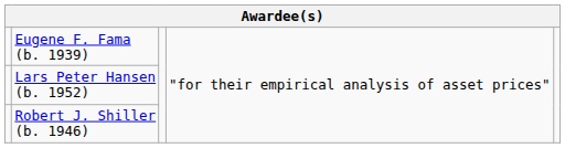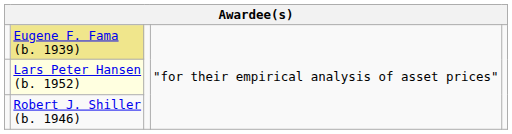 <table class="wikitable">
 <tr>
 <th colspan="5">Awardee(s)</th>
 </tr>
 <tr>
 <td></td>
-<td><a href='#'>Eugene F. Fama</a><br>(b. 1939)</td>
+<td style="background: khaki;"><a href='#'>Eugene F. Fama</a><br>(b. 1939)</td>
 <td rowspan="3"></td>
 <td rowspan="3">"for their empirical analysis of asset prices"</td>
 <td rowspan="3"></td>
 </tr>
 <tr>
 <td></td>
-<td><a href='#'>Lars Peter Hansen</a><br>(b. 1952)</td>
+<td style="background: lightyellow;"><a href='#'>Lars Peter Hansen</a><br>(b. 1952)</td>
 </tr>
 <tr>
 <td></td>
 <td><a href='#'>Robert J. Shiller</a><br>(b. 1946)</td>
 </tr>
 </table>
